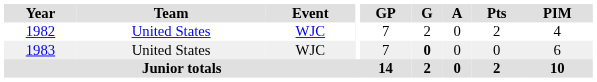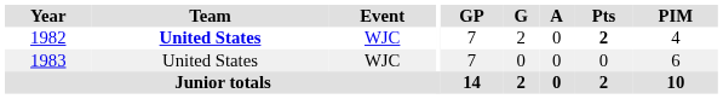 <table border="0" cellpadding="1" cellspacing="0" ID="Table3" style="text-align:center; width:40em">
 <tr bgcolor="#e0e0e0">
 <th>Year</th>
 <th>Team</th>
 <th>Event</th>
 <th rowspan="102" bgcolor="#ffffff"></th>
 <th>GP</th>
 <th>G</th>
 <th>A</th>
 <th>Pts</th>
 <th>PIM</th>
 </tr>
 <tr>
 <td><a href='#'>1982</a></td>
-<td><a href='#'>United States</a></td>
+<td><strong><a href='#'>United States</a></strong></td>
 <td><a href='#'>WJC</a></td>
 <td>7</td>
 <td>2</td>
 <td>0</td>
-<td>2</td>
+<td><strong>2</strong></td>
 <td>4</td>
 </tr>
 <tr bgcolor="#f0f0f0">
 <td><a href='#'>1983</a></td>
 <td>United States</td>
 <td>WJC</td>
 <td>7</td>
-<td><strong>0</strong></td>
+<td>0</td>
 <td>0</td>
 <td>0</td>
 <td>6</td>
 </tr>
 <tr bgcolor="#e0e0e0">
 <th colspan="4">Junior totals</th>
 <th>14</th>
 <th>2</th>
 <th>0</th>
 <th>2</th>
 <th>10</th>
 </tr>
 </table>
